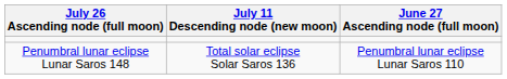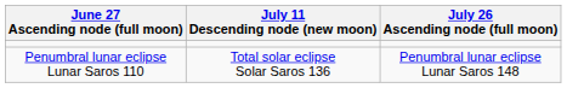 <table class="wikitable">
 <tr>
+<th><a href='#'>June 27</a><br>Ascending node (full moon)<br></th>
+<th><a href='#'>July 11</a><br>Descending node (new moon)<br></th>
 <th><a href='#'>July 26</a><br>Ascending node (full moon)<br></th>
-<th><a href='#'>July 11</a><br>Descending node (new moon)<br></th>
-<th><a href='#'>June 27</a><br>Ascending node (full moon)<br></th>
 </tr>
 <tr>
 <td></td>
 <td></td>
 <td></td>
 </tr>
 <tr align=center>
+<td><a href='#'>Penumbral lunar eclipse</a><br>Lunar Saros 110</td>
+<td><a href='#'>Total solar eclipse</a><br>Solar Saros 136</td>
 <td><a href='#'>Penumbral lunar eclipse</a><br>Lunar Saros 148</td>
-<td><a href='#'>Total solar eclipse</a><br>Solar Saros 136</td>
-<td><a href='#'>Penumbral lunar eclipse</a><br>Lunar Saros 110</td>
 </tr>
 </table>
